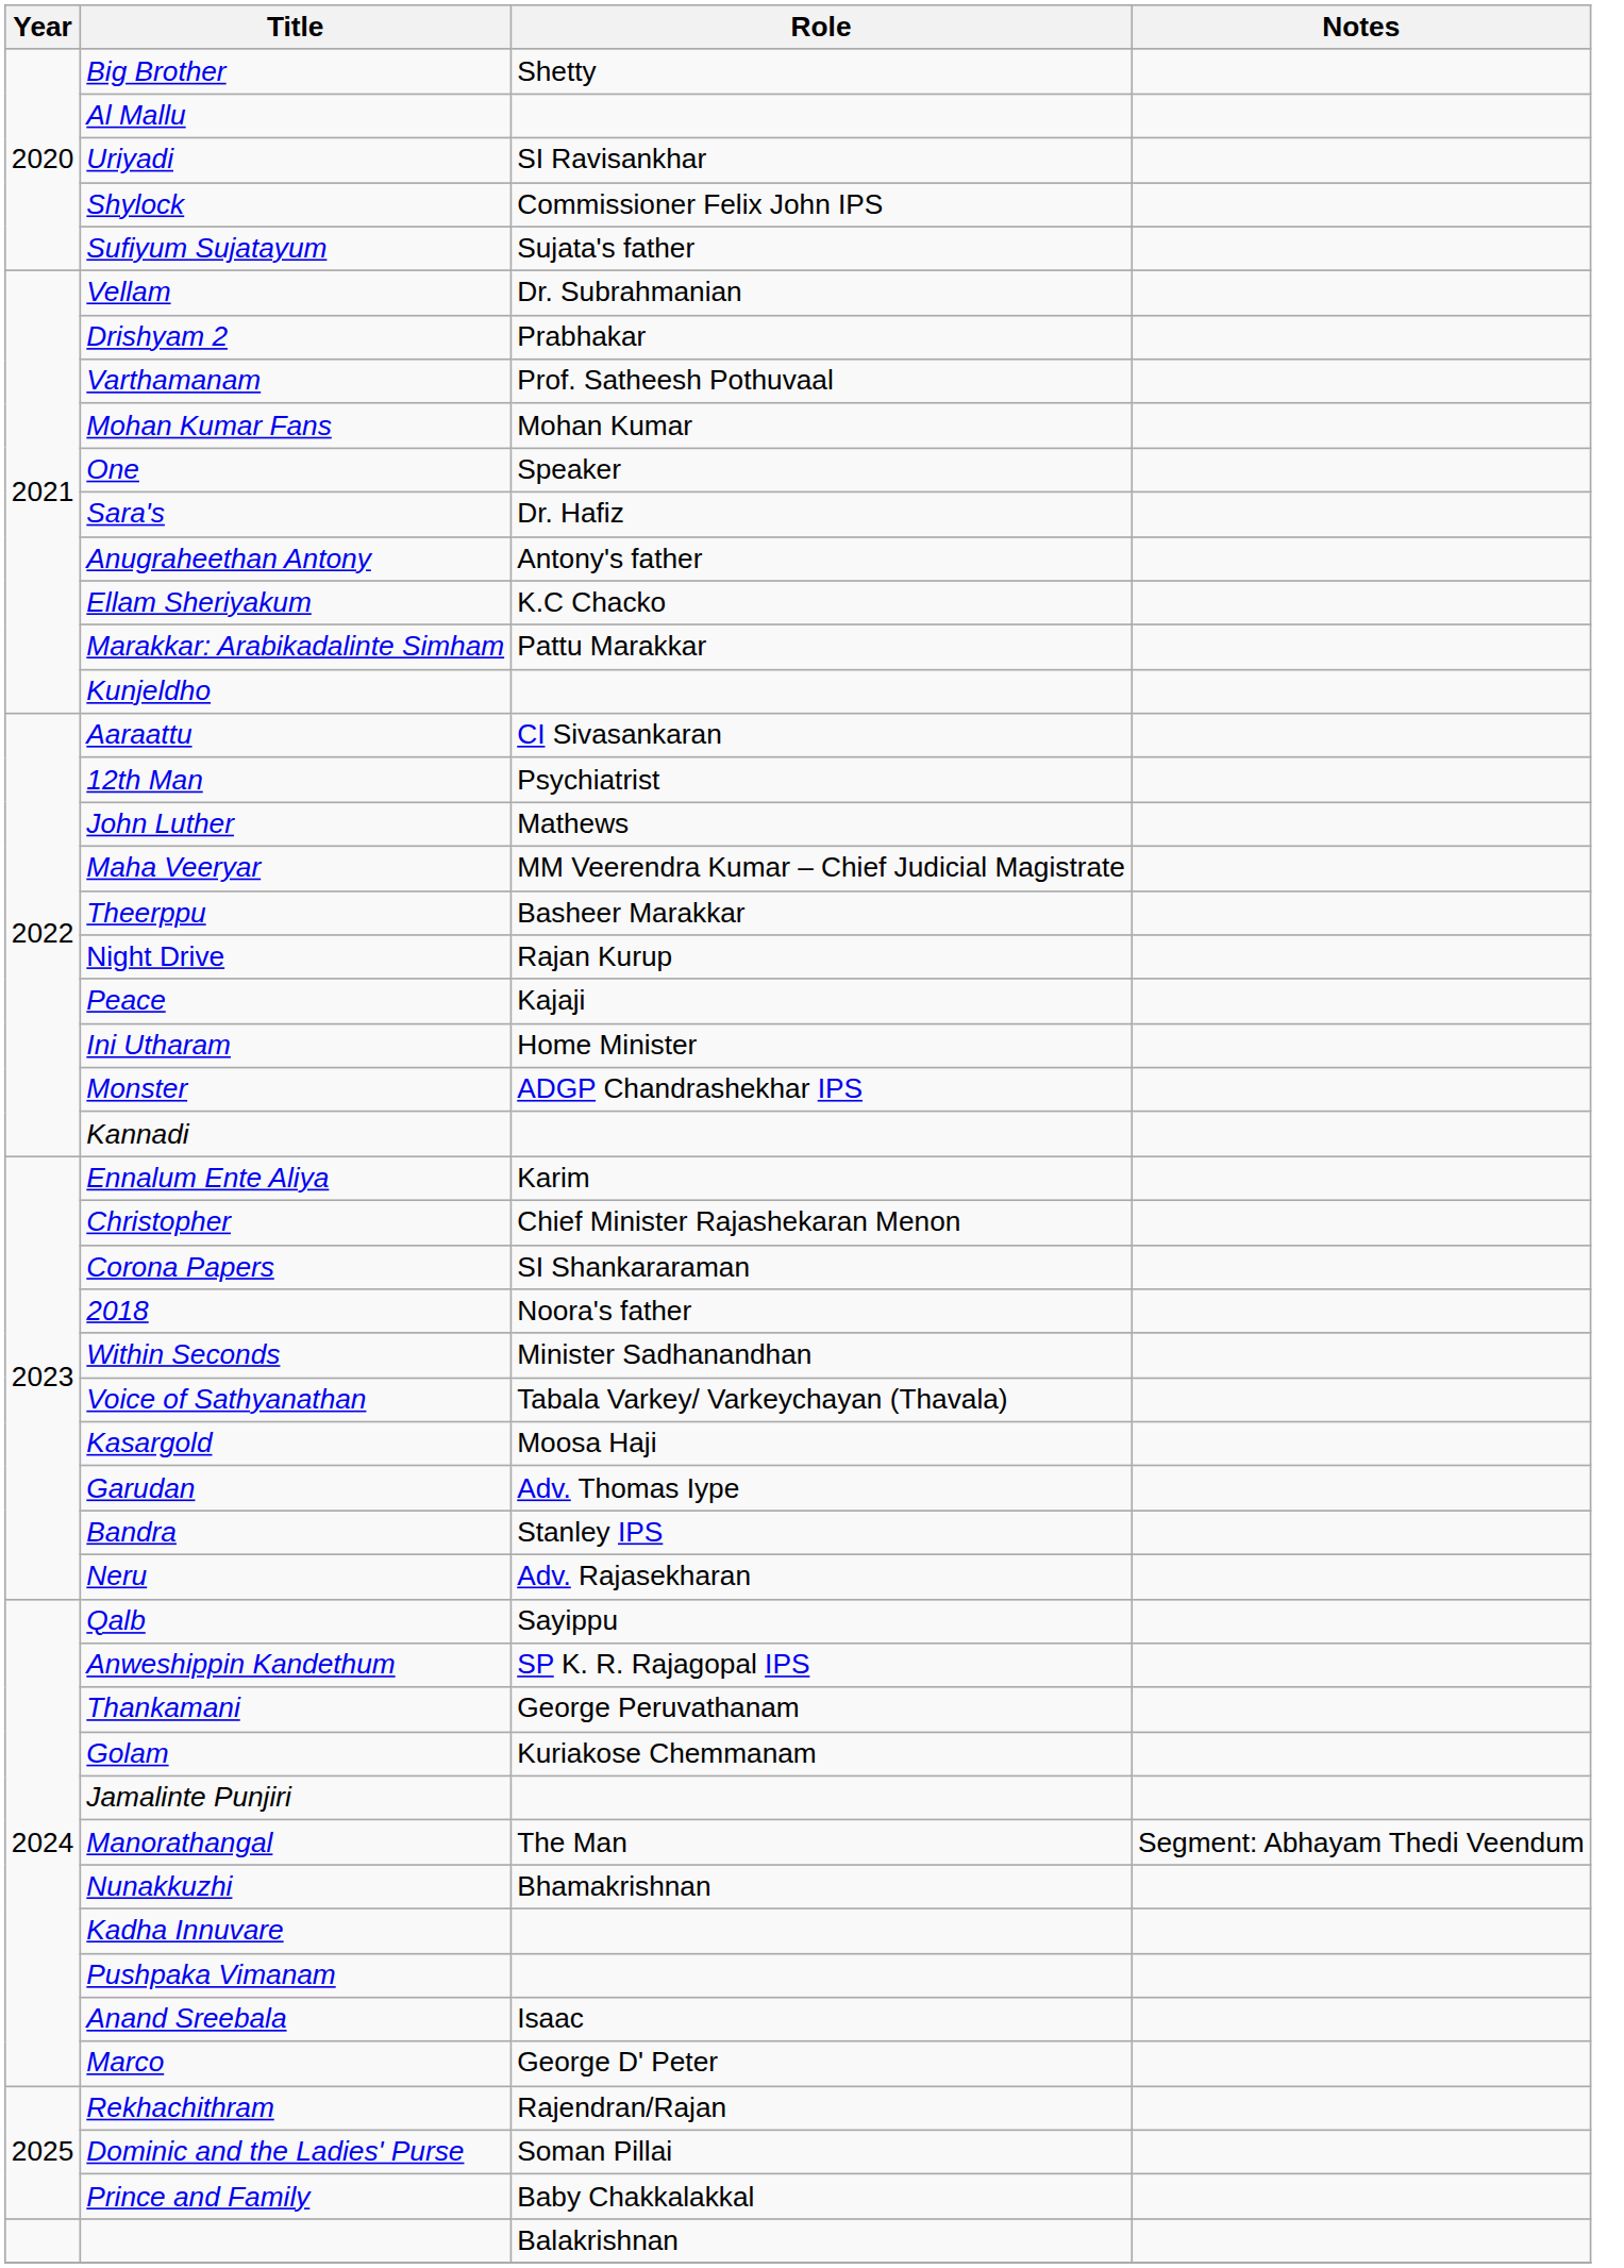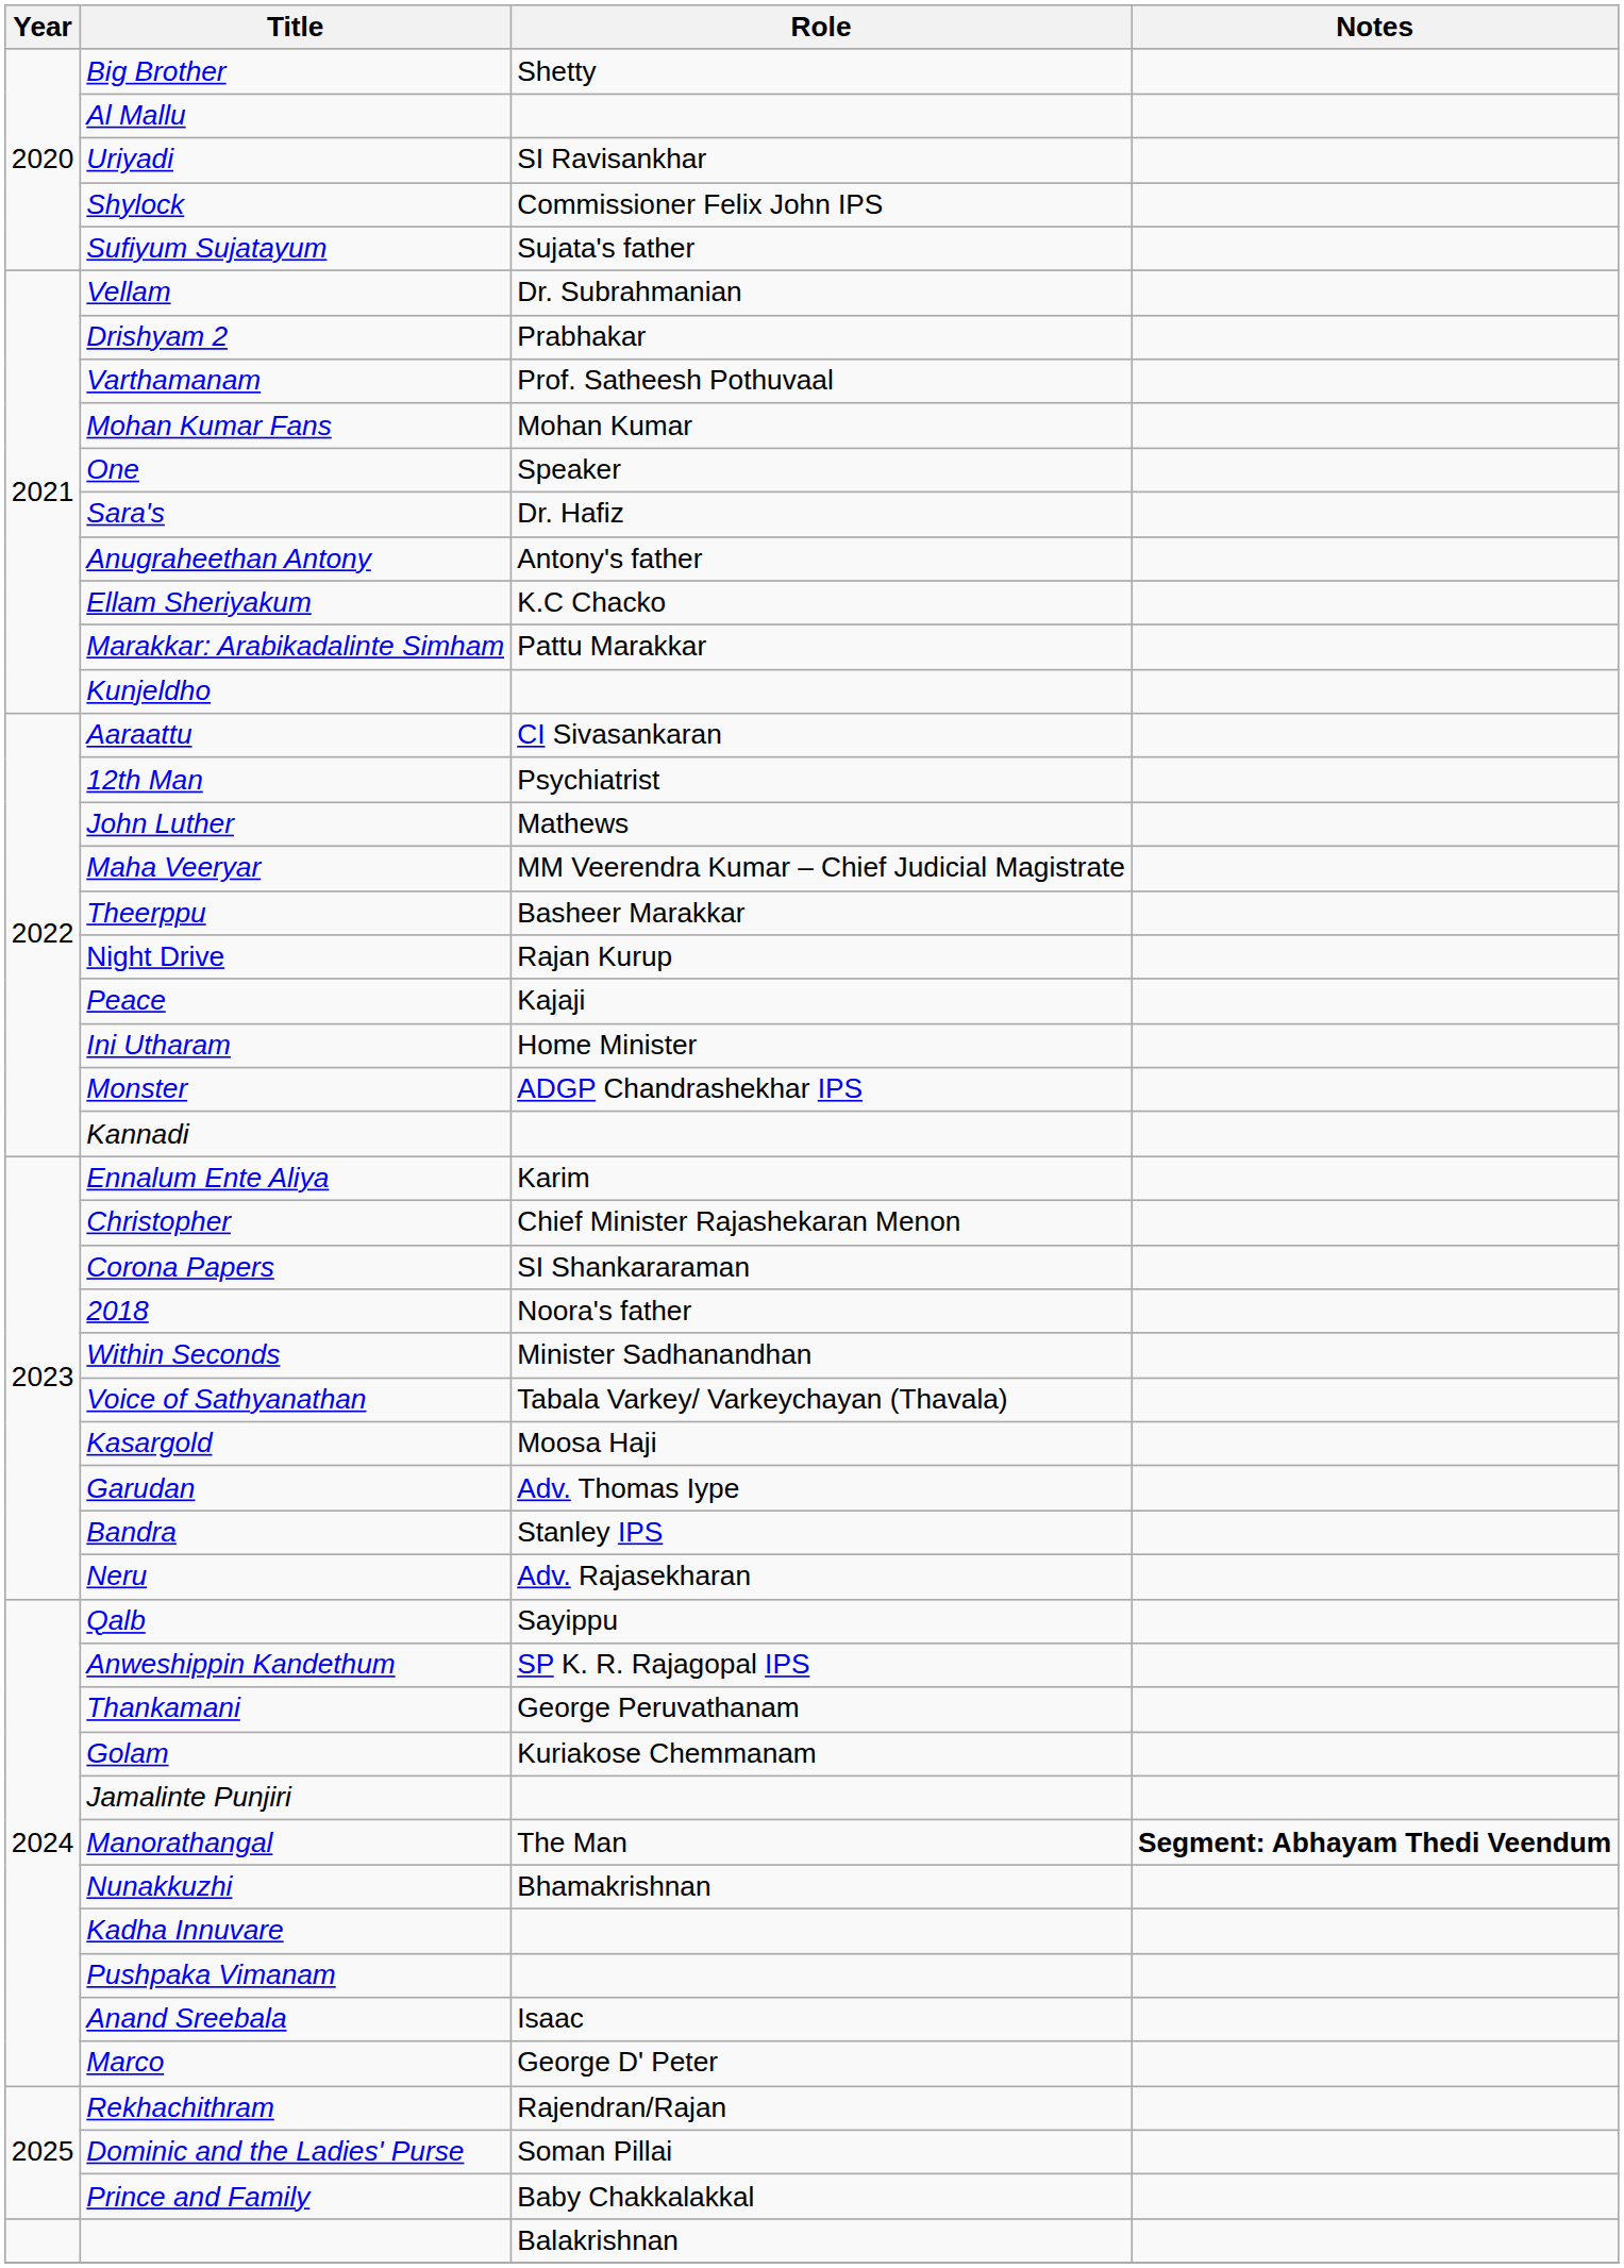 <table class="wikitable sortable">
 <tr>
 <th>Year</th>
 <th>Title</th>
 <th>Role</th>
 <th class="unsortable">Notes</th>
 </tr>
 <tr>
 <td rowspan=5>2020</td>
 <td><em><a href='#'>Big Brother</a></em></td>
 <td>Shetty</td>
 <td></td>
 </tr>
 <tr>
 <td><em><a href='#'>Al Mallu</a></em></td>
 <td></td>
 <td></td>
 </tr>
 <tr>
 <td><em><a href='#'>Uriyadi</a></em></td>
 <td>SI Ravisankhar</td>
 <td></td>
 </tr>
 <tr>
 <td><em><a href='#'>Shylock</a></em></td>
 <td>Commissioner Felix John IPS</td>
 <td></td>
 </tr>
 <tr>
 <td><em><a href='#'>Sufiyum Sujatayum</a></em></td>
 <td>Sujata's father</td>
 <td></td>
 </tr>
 <tr>
 <td rowspan=10>2021</td>
 <td><em><a href='#'>Vellam</a></em></td>
 <td>Dr. Subrahmanian</td>
 <td></td>
 </tr>
 <tr>
 <td><em><a href='#'>Drishyam 2</a></em></td>
 <td>Prabhakar</td>
 <td></td>
 </tr>
 <tr>
 <td><em><a href='#'>Varthamanam</a></em></td>
 <td>Prof. Satheesh Pothuvaal</td>
 <td></td>
 </tr>
 <tr>
 <td><em><a href='#'>Mohan Kumar Fans</a></em></td>
 <td>Mohan Kumar</td>
 <td></td>
 </tr>
 <tr>
 <td><em><a href='#'>One</a></em></td>
 <td>Speaker</td>
 <td></td>
 </tr>
 <tr>
 <td><em><a href='#'>Sara's</a></em></td>
 <td>Dr. Hafiz</td>
 <td></td>
 </tr>
 <tr>
 <td><em><a href='#'>Anugraheethan Antony</a></em></td>
 <td>Antony's father</td>
 <td></td>
 </tr>
 <tr>
 <td><em><a href='#'>Ellam Sheriyakum</a></em></td>
 <td>K.C Chacko</td>
 <td></td>
 </tr>
 <tr>
 <td><em><a href='#'>Marakkar: Arabikadalinte Simham</a></em></td>
 <td>Pattu Marakkar</td>
 <td></td>
 </tr>
 <tr>
 <td><em><a href='#'>Kunjeldho</a></em></td>
 <td></td>
 <td></td>
 </tr>
 <tr>
 <td rowspan=10>2022</td>
 <td><em><a href='#'>Aaraattu</a></em></td>
 <td><a href='#'>CI</a> Sivasankaran</td>
 <td></td>
 </tr>
 <tr>
 <td><em><a href='#'>12th Man</a></em></td>
 <td>Psychiatrist</td>
 <td></td>
 </tr>
 <tr>
 <td><em><a href='#'>John Luther</a></em></td>
 <td>Mathews</td>
 <td></td>
 </tr>
 <tr>
 <td><em><a href='#'>Maha Veeryar</a></em></td>
 <td>MM Veerendra Kumar – Chief Judicial Magistrate</td>
 <td></td>
 </tr>
 <tr>
 <td><em><a href='#'>Theerppu</a></em></td>
 <td>Basheer Marakkar</td>
 <td></td>
 </tr>
 <tr>
 <td><em><a href='#'></em>Night Drive<em></a></em></td>
 <td>Rajan Kurup</td>
 <td></td>
 </tr>
 <tr>
 <td><em><a href='#'>Peace</a></em></td>
 <td>Kajaji</td>
 <td></td>
 </tr>
 <tr>
 <td><em><a href='#'>Ini Utharam</a></em></td>
 <td>Home Minister</td>
 <td></td>
 </tr>
 <tr>
 <td><em><a href='#'>Monster</a></em></td>
 <td><a href='#'>ADGP</a> Chandrashekhar <a href='#'>IPS</a></td>
 <td></td>
 </tr>
 <tr>
 <td><em>Kannadi</em></td>
 <td></td>
 <td></td>
 </tr>
 <tr>
 <td rowspan=10>2023</td>
 <td><em><a href='#'>Ennalum Ente Aliya</a></em></td>
 <td>Karim</td>
 <td></td>
 </tr>
 <tr>
 <td><em><a href='#'>Christopher</a></em></td>
 <td>Chief Minister Rajashekaran Menon</td>
 <td></td>
 </tr>
 <tr>
 <td><em><a href='#'>Corona Papers</a></em></td>
 <td>SI Shankararaman</td>
 <td></td>
 </tr>
 <tr>
 <td><em><a href='#'>2018</a></em></td>
 <td>Noora's father</td>
 <td></td>
 </tr>
 <tr>
 <td><em><a href='#'>Within Seconds</a></em></td>
 <td>Minister Sadhanandhan</td>
 <td></td>
 </tr>
 <tr>
 <td><em><a href='#'>Voice of Sathyanathan</a></em></td>
 <td>Tabala Varkey/ Varkeychayan (Thavala)</td>
 <td></td>
 </tr>
 <tr>
 <td><em><a href='#'>Kasargold</a></em></td>
 <td>Moosa Haji</td>
 <td></td>
 </tr>
 <tr>
 <td><em><a href='#'>Garudan</a></em></td>
 <td><a href='#'>Adv.</a> Thomas Iype</td>
 <td></td>
 </tr>
 <tr>
 <td><em><a href='#'>Bandra</a></em></td>
 <td>Stanley <a href='#'>IPS</a></td>
 <td></td>
 </tr>
 <tr>
 <td><em><a href='#'>Neru</a></em></td>
 <td><a href='#'>Adv.</a> Rajasekharan</td>
 <td></td>
 </tr>
 <tr>
 <td rowspan=11>2024</td>
 <td><em><a href='#'>Qalb</a></em></td>
 <td>Sayippu</td>
 <td></td>
 </tr>
 <tr>
 <td><em><a href='#'>Anweshippin Kandethum</a></em></td>
 <td><a href='#'>SP</a> K. R. Rajagopal <a href='#'>IPS</a></td>
 <td></td>
 </tr>
 <tr>
 <td><em><a href='#'>Thankamani</a></em></td>
 <td>George Peruvathanam</td>
 <td></td>
 </tr>
 <tr>
 <td><em><a href='#'>Golam</a></em></td>
 <td>Kuriakose Chemmanam</td>
 <td></td>
 </tr>
 <tr>
 <td><em>Jamalinte Punjiri</em></td>
 <td></td>
 <td></td>
 </tr>
 <tr>
 <td><em><a href='#'>Manorathangal</a></em></td>
 <td>The Man</td>
-<td>Segment: Abhayam Thedi Veendum</td>
+<td><strong>Segment: Abhayam Thedi Veendum</strong></td>
 </tr>
 <tr>
 <td><em><a href='#'>Nunakkuzhi</a></em></td>
 <td>Bhamakrishnan</td>
 <td></td>
 </tr>
 <tr>
 <td><em><a href='#'>Kadha Innuvare</a></em></td>
 <td></td>
 <td></td>
 </tr>
 <tr>
 <td><em><a href='#'>Pushpaka Vimanam</a></em></td>
 <td></td>
 <td></td>
 </tr>
 <tr>
 <td><em><a href='#'>Anand Sreebala</a></em></td>
 <td>Isaac</td>
 <td></td>
 </tr>
 <tr>
 <td><em><a href='#'>Marco</a></em></td>
 <td>George D' Peter</td>
 <td></td>
 </tr>
 <tr>
 <td rowspan=3>2025</td>
 <td><em><a href='#'>Rekhachithram</a></em></td>
 <td>Rajendran/Rajan</td>
 <td></td>
 </tr>
 <tr>
 <td><em><a href='#'>Dominic and the Ladies' Purse</a></em></td>
 <td>Soman Pillai</td>
 <td></td>
 </tr>
 <tr>
 <td><em><a href='#'>Prince and Family</a></em></td>
 <td>Baby Chakkalakkal</td>
 <td></td>
 </tr>
 <tr>
 <td></td>
 <td></td>
 <td>Balakrishnan</td>
 <td></td>
 </tr>
 <tr>
 </tr>
 </table>
